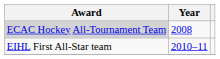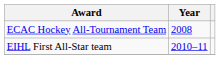 <table class="wikitable">
 <tr>
 <th>Award</th>
 <th>Year</th>
 <th></th>
 </tr>
 <tr>
-<td style="background: lightgrey;"><a href='#'>ECAC Hockey</a> <a href='#'>All-Tournament Team</a></td>
+<td><a href='#'>ECAC Hockey</a> <a href='#'>All-Tournament Team</a></td>
 <td><a href='#'>2008</a></td>
 <td></td>
 </tr>
 <tr>
 <td><a href='#'>EIHL</a> First All-Star team</td>
 <td><a href='#'>2010–11</a></td>
 <td></td>
 </tr>
 <tr>
 </tr>
 </table>
